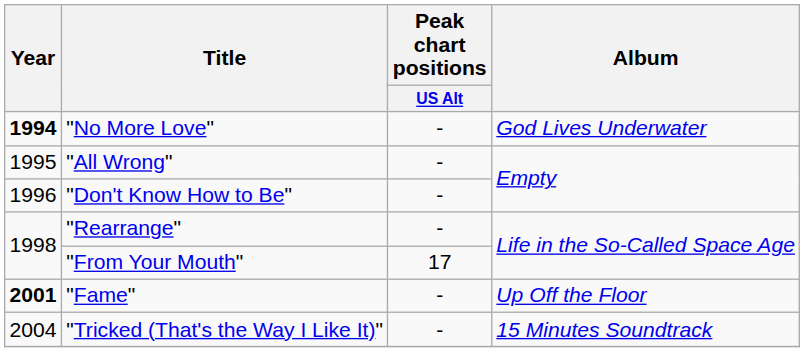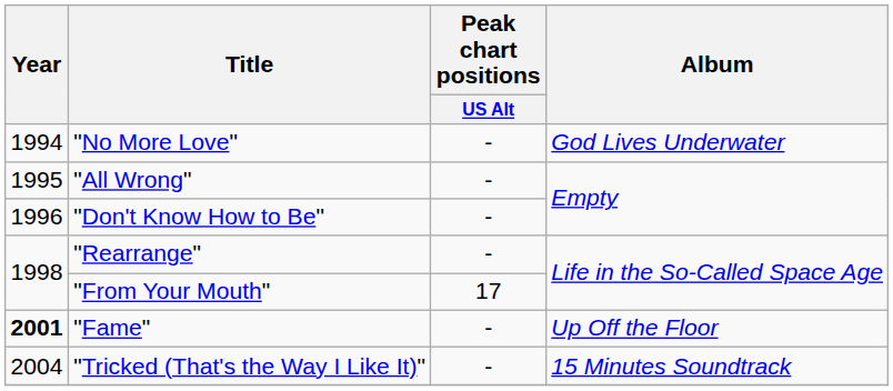 <table class="wikitable">
 <tr>
 <th rowspan="2">Year</th>
 <th rowspan="2">Title</th>
 <th colspan="1">Peak chart positions</th>
 <th rowspan="2">Album</th>
 </tr>
 <tr>
 <th style="width:3em;font-size:75%"><a href='#'>US Alt</a><br></th>
 </tr>
 <tr>
-<td rowspan="1"><strong>1994</strong></td>
+<td rowspan="1">1994</td>
 <td>"<a href='#'>No More Love</a>"</td>
 <td align="center">-</td>
 <td rowspan="1"><em><a href='#'>God Lives Underwater</a></em></td>
 </tr>
 <tr>
 <td rowspan="1">1995</td>
 <td>"<a href='#'>All Wrong</a>"</td>
 <td align="center">-</td>
 <td rowspan="2"><em><a href='#'>Empty</a></em></td>
 </tr>
 <tr>
 <td rowspan="1">1996</td>
 <td>"<a href='#'>Don't Know How to Be</a>"</td>
 <td align="center">-</td>
 </tr>
 <tr>
 <td rowspan="2">1998</td>
 <td>"<a href='#'>Rearrange</a>"</td>
 <td align="center">-</td>
 <td rowspan="2"><em><a href='#'>Life in the So-Called Space Age</a></em></td>
 </tr>
 <tr>
 <td>"<a href='#'>From Your Mouth</a>"</td>
 <td align="center">17</td>
 </tr>
 <tr>
 <td rowspan="1"><strong>2001</strong></td>
 <td>"<a href='#'>Fame</a>"</td>
 <td align="center">-</td>
 <td rowspan="1"><em><a href='#'>Up Off the Floor</a></em></td>
 </tr>
 <tr>
 <td rowspan="1">2004</td>
 <td>"<a href='#'>Tricked (That's the Way I Like It)</a>"</td>
 <td align="center">-</td>
 <td rowspan="1"><em><a href='#'>15 Minutes Soundtrack</a></em></td>
 </tr>
 <tr>
 </tr>
 </table>
